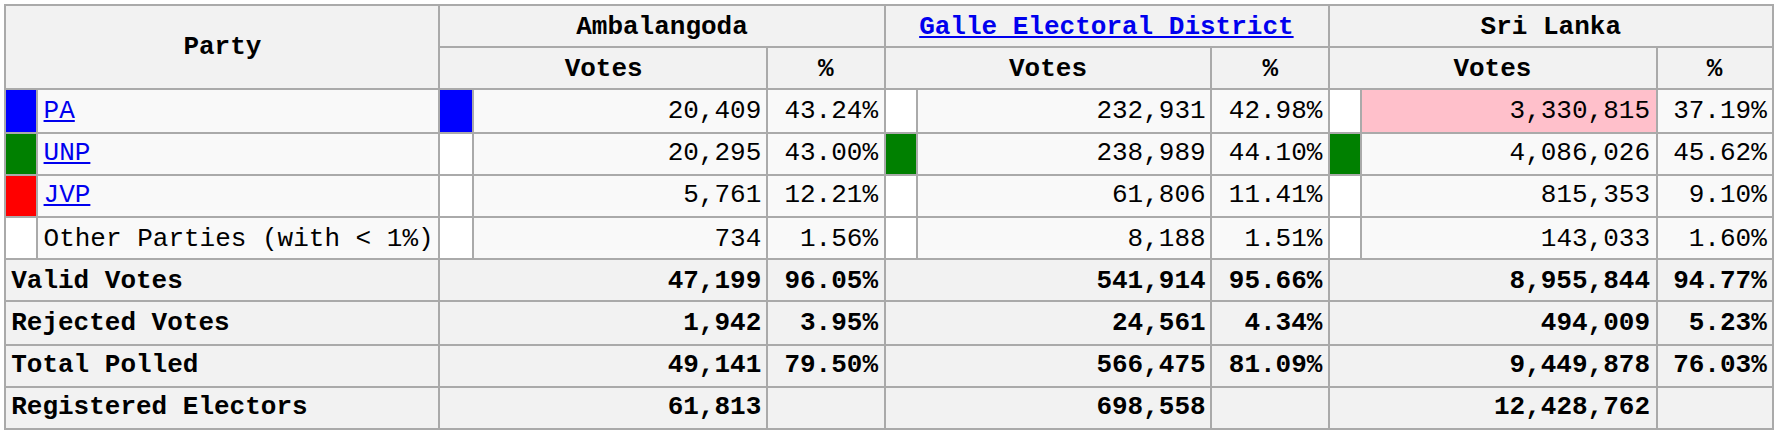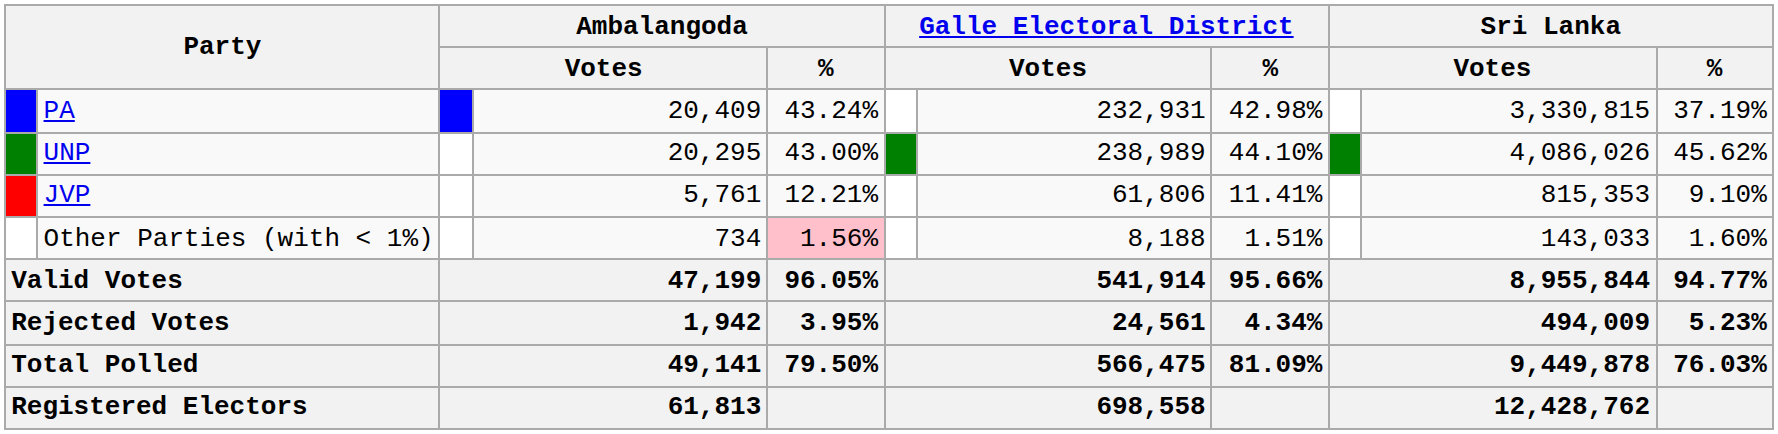 <table class="wikitable">
 <tr>
 <th colspan="2" width="144px"rowspan="2">Party</th>
 <th colspan="3" width="216px">Ambalangoda</th>
 <th colspan="3" width="216px"><a href='#'>Galle Electoral District</a></th>
 <th colspan="3" width="216px">Sri Lanka</th>
 </tr>
 <tr>
 <th colspan="2" width="144px">Votes</th>
 <th>%</th>
 <th colspan="2" width="144px">Votes</th>
 <th>%</th>
 <th colspan="2" width="144px">Votes</th>
 <th>%</th>
 </tr>
 <tr>
 <td style="background-color:blue;" width="10px"></td>
 <td style="text-align:left;"><a href='#'>PA</a></td>
 <td style="background-color:blue;" width="10px"></td>
 <td style="text-align:right;">20,409</td>
 <td style="text-align:right;">43.24%</td>
 <td style="background-color:white;" width="10px"></td>
 <td style="text-align:right;">232,931</td>
 <td style="text-align:right;">42.98%</td>
 <td style="background-color:white;" width="10px"></td>
-<td style="background: pink; text-align:right;">3,330,815</td>
+<td style="text-align:right;">3,330,815</td>
 <td style="text-align:right;">37.19%</td>
 </tr>
 <tr>
 <td style="background-color:green;" width="10px"></td>
 <td style="text-align:left;"><a href='#'>UNP</a></td>
 <td style="background-color:white;" width="10px"></td>
 <td style="text-align:right;">20,295</td>
 <td style="text-align:right;">43.00%</td>
 <td style="background-color:green;" width="10px"></td>
 <td style="text-align:right;">238,989</td>
 <td style="text-align:right;">44.10%</td>
 <td style="background-color:green;" width="10px"></td>
 <td style="text-align:right;">4,086,026</td>
 <td style="text-align:right;">45.62%</td>
 </tr>
 <tr>
 <td style="background-color:red;" width="10px"></td>
 <td style="text-align:left;"><a href='#'>JVP</a></td>
 <td style="background-color:white;" width="10px"></td>
 <td style="text-align:right;">5,761</td>
 <td style="text-align:right;">12.21%</td>
 <td style="background-color:white;" width="10px"></td>
 <td style="text-align:right;">61,806</td>
 <td style="text-align:right;">11.41%</td>
 <td style="background-color:white;" width="10px"></td>
 <td style="text-align:right;">815,353</td>
 <td style="text-align:right;">9.10%</td>
 </tr>
 <tr>
 <td style="background-color:white;" width="10px"></td>
 <td style="text-align:left;">Other Parties (with < 1%)</td>
 <td style="background-color:white;" width="10px"></td>
 <td style="text-align:right;">734</td>
-<td style="text-align:right;">1.56%</td>
+<td style="background: pink; text-align:right;">1.56%</td>
 <td style="background-color:white;" width="10px"></td>
 <td style="text-align:right;">8,188</td>
 <td style="text-align:right;">1.51%</td>
 <td style="background-color:white;" width="10px"></td>
 <td style="text-align:right;">143,033</td>
 <td style="text-align:right;">1.60%</td>
 </tr>
 <tr>
 <th colspan="2" width="144px"style="text-align:left;">Valid Votes</th>
 <th style="text-align:right;"colspan="2" width="144px">47,199</th>
 <th style="text-align:right;">96.05%</th>
 <th style="text-align:right;"colspan="2" width="144px">541,914</th>
 <th style="text-align:right;">95.66%</th>
 <th style="text-align:right;"colspan="2" width="144px">8,955,844</th>
 <th style="text-align:right;">94.77%</th>
 </tr>
 <tr>
 <th colspan="2" width="144px"style="text-align:left;">Rejected Votes</th>
 <th style="text-align:right;"colspan="2" width="144px">1,942</th>
 <th style="text-align:right;">3.95%</th>
 <th style="text-align:right;"colspan="2" width="144px">24,561</th>
 <th style="text-align:right;">4.34%</th>
 <th style="text-align:right;"colspan="2" width="144px">494,009</th>
 <th style="text-align:right;">5.23%</th>
 </tr>
 <tr>
 <th colspan="2" width="144px"style="text-align:left;">Total Polled</th>
 <th style="text-align:right;"colspan="2" width="144px">49,141</th>
 <th style="text-align:right;">79.50%</th>
 <th style="text-align:right;"colspan="2" width="144px">566,475</th>
 <th style="text-align:right;">81.09%</th>
 <th style="text-align:right;"colspan="2" width="144px">9,449,878</th>
 <th style="text-align:right;">76.03%</th>
 </tr>
 <tr>
 <th colspan="2" width="144px"style="text-align:left;">Registered Electors</th>
 <th style="text-align:right;"colspan="2" width="144px">61,813</th>
 <th></th>
 <th style="text-align:right;"colspan="2" width="144px">698,558</th>
 <th></th>
 <th style="text-align:right;"colspan="2" width="144px">12,428,762</th>
 <th></th>
 </tr>
 </table>
